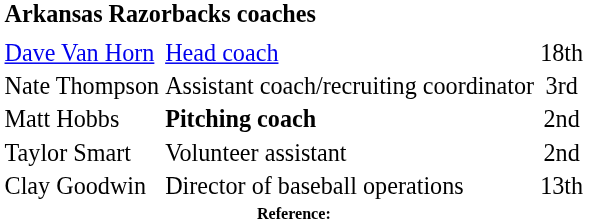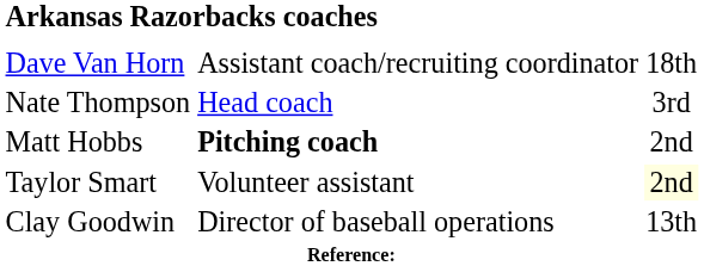 <table class="toccolours" style="text-align: left;">
 <tr>
 <td colspan="9"><strong>Arkansas Razorbacks coaches</strong></td>
 </tr>
 <tr>
 <td style="font-size: 95%;" valign="top"></td>
 </tr>
 <tr>
 <td><a href='#'>Dave Van Horn</a></td>
-<td><a href='#'>Head coach</a></td>
+<td>Assistant coach/recruiting coordinator</td>
 <td align=center>18th</td>
 </tr>
 <tr>
 <td>Nate Thompson</td>
-<td>Assistant coach/recruiting coordinator</td>
+<td><a href='#'>Head coach</a></td>
 <td align=center>3rd</td>
 </tr>
 <tr>
 <td>Matt Hobbs</td>
 <td><strong>Pitching coach</strong></td>
 <td align=center>2nd</td>
 </tr>
 <tr>
 <td>Taylor Smart</td>
 <td>Volunteer assistant</td>
-<td align=center>2nd</td>
+<td align=center style="background: lightyellow;">2nd</td>
 </tr>
 <tr>
 <td>Clay Goodwin</td>
 <td>Director of baseball operations</td>
 <td align=center>13th</td>
 </tr>
 <tr>
 <td colspan="4"  style="font-size:8pt; text-align:center;"><strong>Reference:</strong></td>
 </tr>
 </table>
